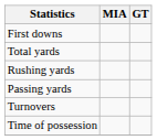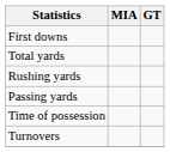 <table class="wikitable" style="float: left;">
 <tr>
 <th>Statistics</th>
 <th>MIA</th>
 <th>GT</th>
 </tr>
 <tr>
 <td>First downs</td>
 <td></td>
 <td></td>
 </tr>
 <tr>
 <td>Total yards</td>
 <td></td>
 <td></td>
 </tr>
 <tr>
 <td>Rushing yards</td>
 <td></td>
 <td></td>
 </tr>
 <tr>
 <td>Passing yards</td>
 <td></td>
 <td></td>
 </tr>
 <tr>
-<td>Turnovers</td>
+<td>Time of possession</td>
 <td></td>
 <td></td>
 </tr>
 <tr>
-<td>Time of possession</td>
+<td>Turnovers</td>
 <td></td>
 <td></td>
 </tr>
 <tr>
 </tr>
 </table>
